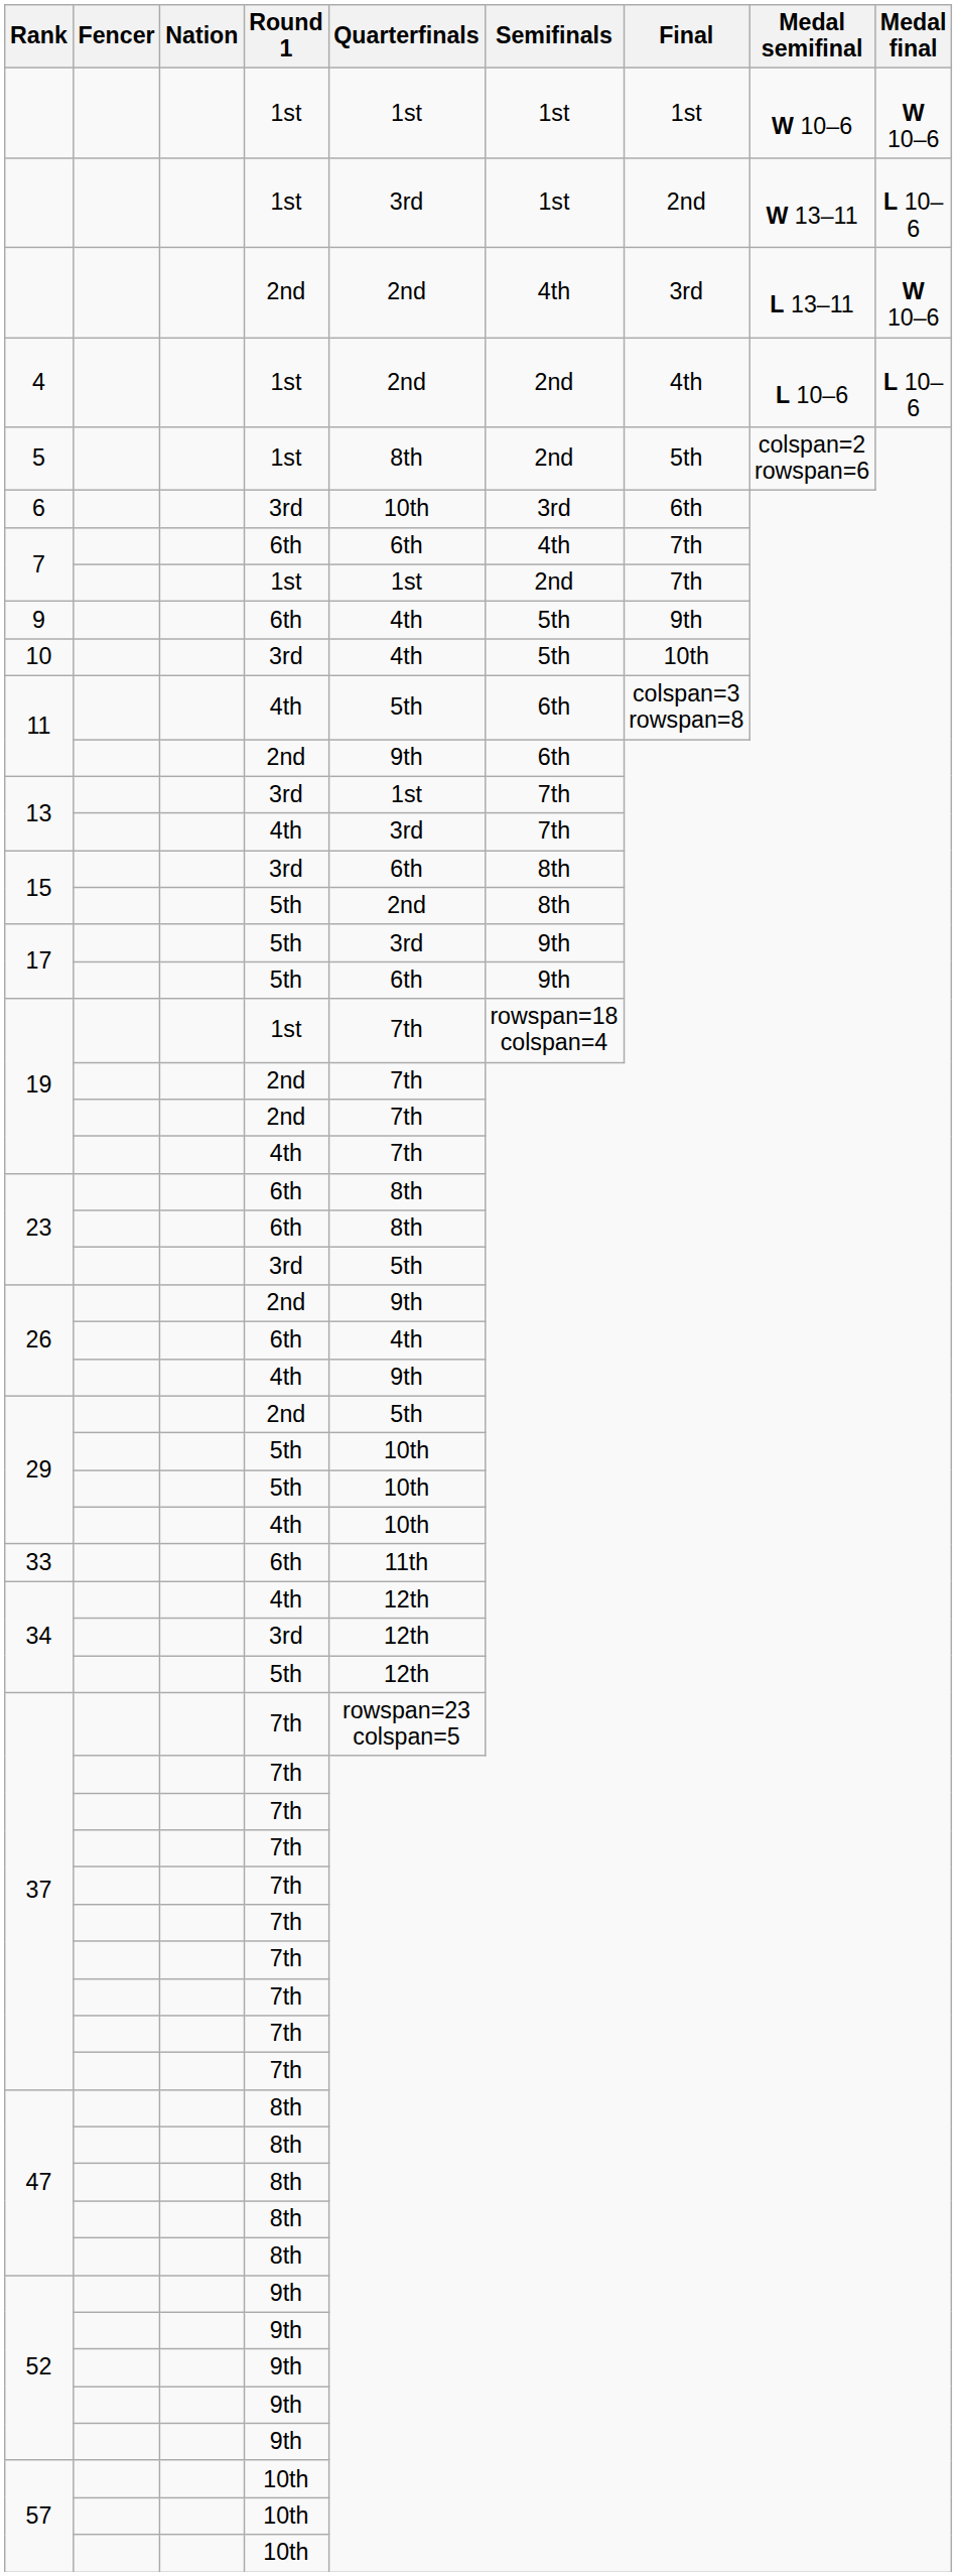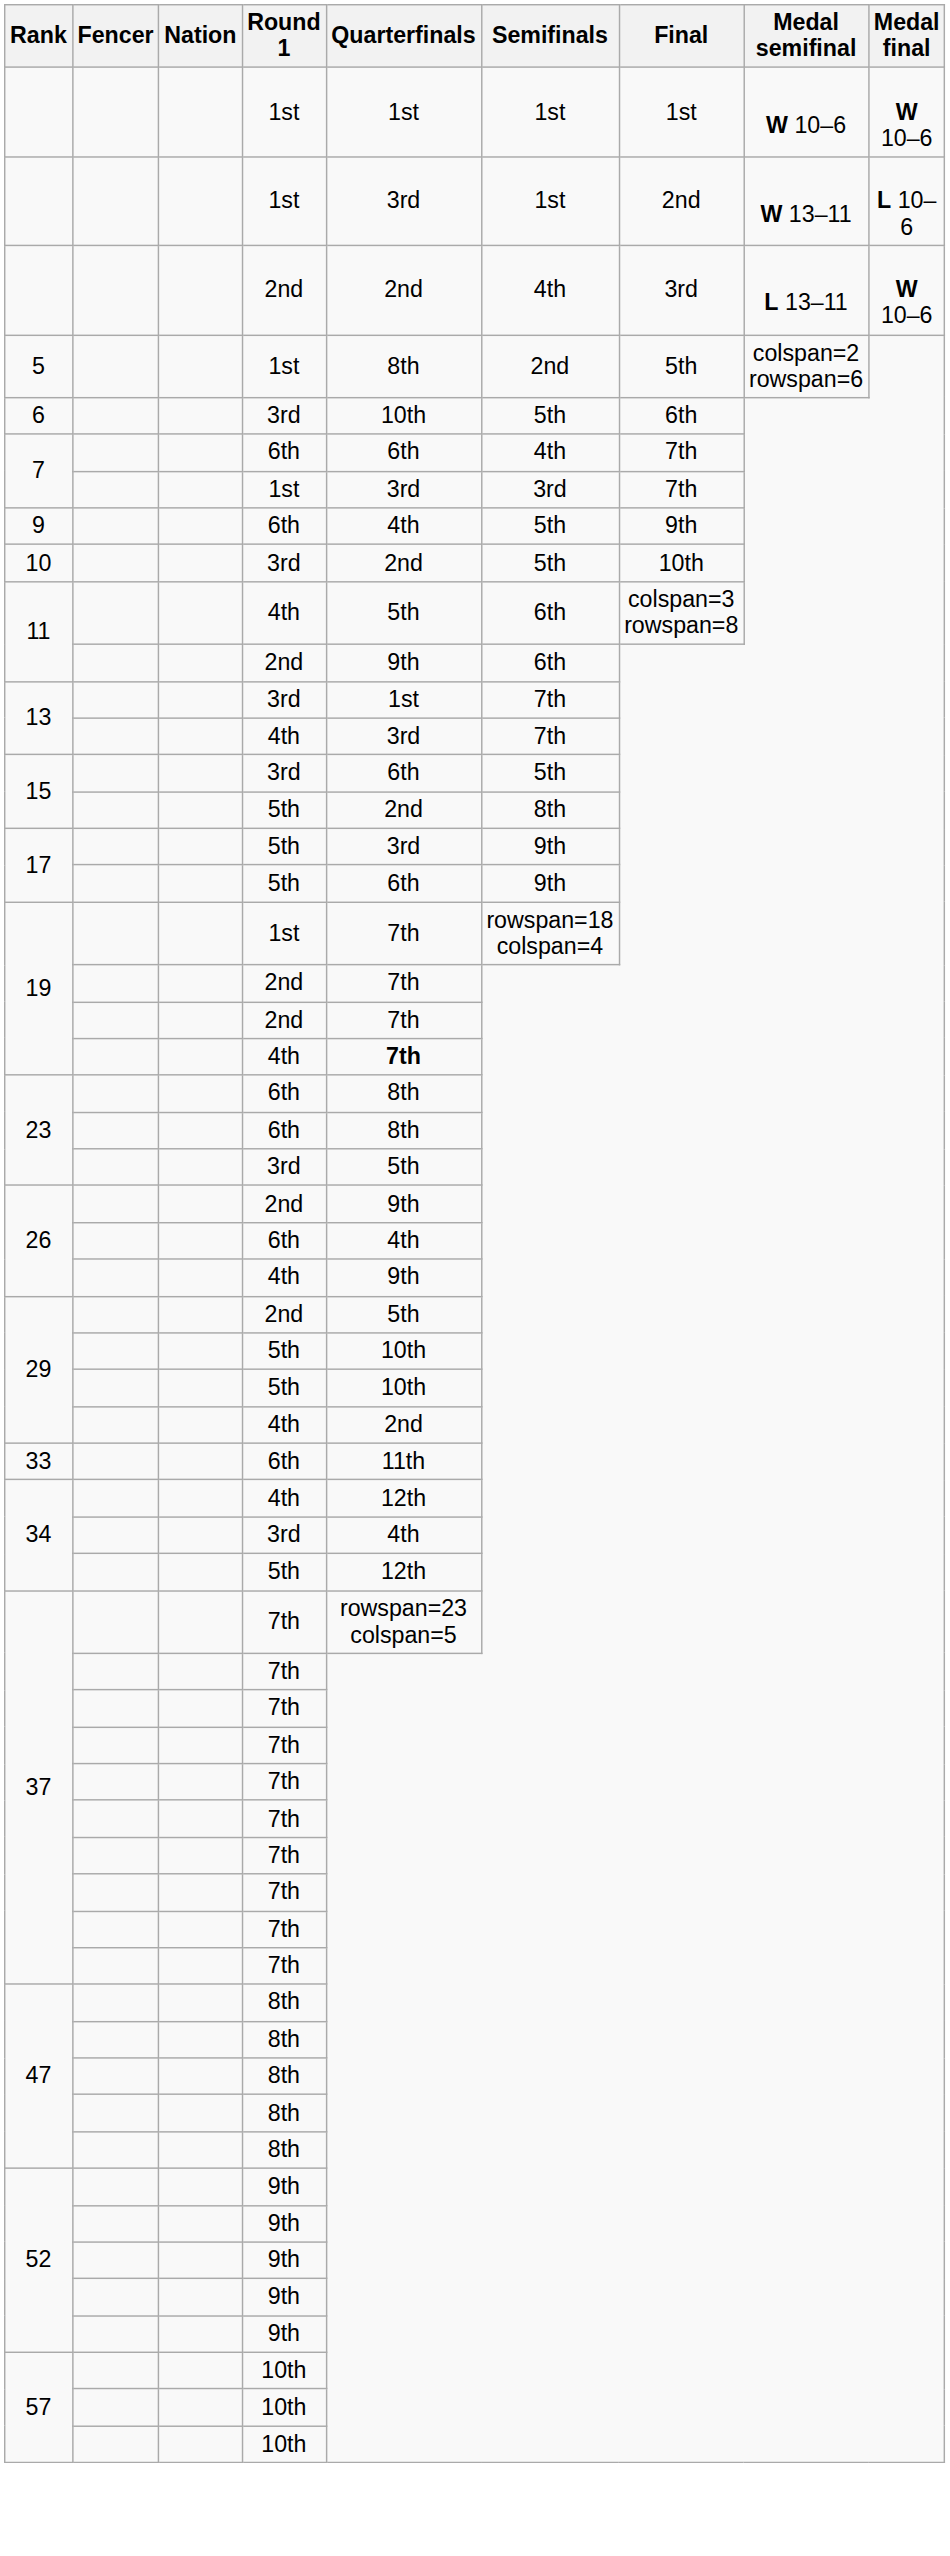 <table class="wikitable sortable" style="text-align:center">
 <tr>
 <th>Rank</th>
 <th>Fencer</th>
 <th>Nation</th>
 <th>Round 1</th>
 <th>Quarterfinals</th>
 <th>Semifinals</th>
 <th>Final</th>
 <th>Medal semifinal</th>
 <th>Medal final</th>
 </tr>
 <tr>
 <td></td>
 <td align=left></td>
 <td align=left></td>
 <td data-sort-value=1>1st</td>
 <td data-sort-value=1>1st</td>
 <td data-sort-value=1>1st</td>
 <td data-sort-value=1>1st</td>
 <td><br><strong>W</strong> 10–6</td>
 <td><br><strong>W</strong> 10–6</td>
 </tr>
 <tr>
 <td></td>
 <td align=left></td>
 <td align=left></td>
 <td data-sort-value=1>1st</td>
 <td data-sort-value=3>3rd</td>
 <td data-sort-value=1>1st</td>
 <td data-sort-value=2>2nd</td>
 <td><br><strong>W</strong> 13–11</td>
 <td><br><strong>L</strong> 10–6</td>
 </tr>
 <tr>
 <td></td>
 <td align=left></td>
 <td align=left></td>
 <td data-sort-value=2>2nd</td>
 <td data-sort-value=2>2nd</td>
 <td data-sort-value=4>4th</td>
 <td data-sort-value=3>3rd</td>
 <td><br><strong>L</strong> 13–11</td>
 <td><br><strong>W</strong> 10–6</td>
 </tr>
 <tr>
-<td>4</td>
-<td align=left></td>
-<td align=left></td>
-<td data-sort-value=1>1st</td>
-<td data-sort-value=2>2nd</td>
-<td data-sort-value=2>2nd</td>
-<td data-sort-value=4>4th</td>
-<td><br><strong>L</strong> 10–6</td>
-<td><br><strong>L</strong> 10–6</td>
-</tr>
-<tr>
 <td>5</td>
 <td align=left></td>
 <td align=left></td>
 <td data-sort-value=1>1st</td>
 <td data-sort-value=8>8th</td>
 <td data-sort-value=2>2nd</td>
 <td data-sort-value=5>5th</td>
 <td>colspan=2 rowspan=6 </td>
 </tr>
 <tr>
 <td>6</td>
 <td align=left></td>
 <td align=left></td>
 <td data-sort-value=3>3rd</td>
 <td data-sort-value=10>10th</td>
-<td data-sort-value=3>3rd</td>
+<td data-sort-value=5>5th</td>
 <td data-sort-value=6>6th</td>
 </tr>
 <tr>
 <td rowspan=2>7</td>
 <td align=left></td>
 <td align=left></td>
 <td data-sort-value=6>6th</td>
 <td data-sort-value=6>6th</td>
 <td data-sort-value=4>4th</td>
 <td data-sort-value=7>7th</td>
 </tr>
 <tr>
 <td align=left></td>
 <td align=left></td>
 <td data-sort-value=1>1st</td>
-<td data-sort-value=1>1st</td>
-<td data-sort-value=2>2nd</td>
+<td data-sort-value=3>3rd</td>
+<td data-sort-value=3>3rd</td>
 <td data-sort-value=7>7th</td>
 </tr>
 <tr>
 <td>9</td>
 <td align=left></td>
 <td align=left></td>
 <td data-sort-value=6>6th</td>
 <td data-sort-value=4>4th</td>
 <td data-sort-value=5>5th</td>
 <td data-sort-value=9>9th</td>
 </tr>
 <tr>
 <td>10</td>
 <td align=left></td>
 <td align=left></td>
 <td data-sort-value=3>3rd</td>
-<td data-sort-value=4>4th</td>
+<td data-sort-value=2>2nd</td>
 <td data-sort-value=5>5th</td>
 <td data-sort-value=10>10th</td>
 </tr>
 <tr>
 <td rowspan=2>11</td>
 <td align=left></td>
 <td align=left></td>
 <td data-sort-value=4>4th</td>
 <td data-sort-value=5>5th</td>
 <td data-sort-value=6>6th</td>
 <td>colspan=3 rowspan=8 </td>
 </tr>
 <tr>
 <td align=left></td>
 <td align=left></td>
 <td data-sort-value=2>2nd</td>
 <td data-sort-value=9>9th</td>
 <td data-sort-value=6>6th</td>
 </tr>
 <tr>
 <td rowspan=2>13</td>
 <td align=left></td>
 <td align=left></td>
 <td data-sort-value=3>3rd</td>
 <td data-sort-value=1>1st</td>
 <td data-sort-value=7>7th</td>
 </tr>
 <tr>
 <td align=left></td>
 <td align=left></td>
 <td data-sort-value=4>4th</td>
 <td data-sort-value=3>3rd</td>
 <td data-sort-value=7>7th</td>
 </tr>
 <tr>
 <td rowspan=2>15</td>
 <td align=left></td>
 <td align=left></td>
 <td data-sort-value=3>3rd</td>
 <td data-sort-value=6>6th</td>
-<td data-sort-value=8>8th</td>
+<td data-sort-value=5>5th</td>
 </tr>
 <tr>
 <td align=left></td>
 <td align=left></td>
 <td data-sort-value=5>5th</td>
 <td data-sort-value=2>2nd</td>
 <td data-sort-value=8>8th</td>
 </tr>
 <tr>
 <td rowspan=2>17</td>
 <td align=left></td>
 <td align=left></td>
 <td data-sort-value=5>5th</td>
 <td data-sort-value=3>3rd</td>
 <td data-sort-value=9>9th</td>
 </tr>
 <tr>
 <td align=left></td>
 <td align=left></td>
 <td data-sort-value=5>5th</td>
 <td data-sort-value=6>6th</td>
 <td data-sort-value=9>9th</td>
 </tr>
 <tr>
 <td rowspan=4>19</td>
 <td align=left></td>
 <td align=left></td>
 <td data-sort-value=1>1st</td>
 <td data-sort-value=7>7th</td>
 <td>rowspan=18 colspan=4 </td>
 </tr>
 <tr>
 <td align=left></td>
 <td align=left></td>
 <td data-sort-value=2>2nd</td>
 <td data-sort-value=7>7th</td>
 </tr>
 <tr>
 <td align=left></td>
 <td align=left></td>
 <td data-sort-value=2>2nd</td>
 <td data-sort-value=7>7th</td>
 </tr>
 <tr>
 <td align=left></td>
 <td align=left></td>
 <td data-sort-value=4>4th</td>
-<td data-sort-value=7>7th</td>
+<td data-sort-value=7><strong>7th</strong></td>
 </tr>
 <tr>
 <td rowspan=3>23</td>
 <td align=left></td>
 <td align=left></td>
 <td data-sort-value=6>6th</td>
 <td data-sort-value=8>8th</td>
 </tr>
 <tr>
 <td align=left></td>
 <td align=left></td>
 <td data-sort-value=6>6th</td>
 <td data-sort-value=8>8th</td>
 </tr>
 <tr>
 <td align=left></td>
 <td align=left></td>
 <td data-sort-value=3>3rd</td>
 <td data-sort-value=5>5th</td>
 </tr>
 <tr>
 <td rowspan=3>26</td>
 <td align=left></td>
 <td align=left></td>
 <td data-sort-value=2>2nd</td>
 <td data-sort-value=9>9th</td>
 </tr>
 <tr>
 <td align=left></td>
 <td align=left></td>
 <td data-sort-value=6>6th</td>
 <td data-sort-value=4>4th</td>
 </tr>
 <tr>
 <td align=left></td>
 <td align=left></td>
 <td data-sort-value=4>4th</td>
 <td data-sort-value=9>9th</td>
 </tr>
 <tr>
 <td rowspan=4>29</td>
 <td align=left></td>
 <td align=left></td>
 <td data-sort-value=2>2nd</td>
 <td data-sort-value=5>5th</td>
 </tr>
 <tr>
 <td align=left></td>
 <td align=left></td>
 <td data-sort-value=5>5th</td>
 <td data-sort-value=10>10th</td>
 </tr>
 <tr>
 <td align=left></td>
 <td align=left></td>
 <td data-sort-value=5>5th</td>
 <td data-sort-value=10>10th</td>
 </tr>
 <tr>
 <td align=left></td>
 <td align=left></td>
 <td data-sort-value=4>4th</td>
-<td data-sort-value=10>10th</td>
+<td data-sort-value=2>2nd</td>
 </tr>
 <tr>
 <td>33</td>
 <td align=left></td>
 <td align=left></td>
 <td data-sort-value=6>6th</td>
 <td data-sort-value=11>11th</td>
 </tr>
 <tr>
 <td rowspan=3>34</td>
 <td align=left></td>
 <td align=left></td>
 <td data-sort-value=4>4th</td>
 <td data-sort-value=12>12th</td>
 </tr>
 <tr>
 <td align=left></td>
 <td align=left></td>
 <td data-sort-value=3>3rd</td>
-<td data-sort-value=12>12th</td>
+<td data-sort-value=4>4th</td>
 </tr>
 <tr>
 <td align=left></td>
 <td align=left></td>
 <td data-sort-value=5>5th</td>
 <td data-sort-value=12>12th</td>
 </tr>
 <tr>
 <td rowspan=10>37</td>
 <td align=left></td>
 <td align=left></td>
 <td data-sort-value=7>7th</td>
 <td>rowspan=23 colspan=5 </td>
 </tr>
 <tr>
 <td align=left></td>
 <td align=left></td>
 <td data-sort-value=7>7th</td>
 </tr>
 <tr>
 <td align=left></td>
 <td align=left></td>
 <td data-sort-value=7>7th</td>
 </tr>
 <tr>
 <td align=left></td>
 <td align=left></td>
 <td data-sort-value=7>7th</td>
 </tr>
 <tr>
 <td align=left></td>
 <td align=left></td>
 <td data-sort-value=7>7th</td>
 </tr>
 <tr>
 <td align=left></td>
 <td align=left></td>
 <td data-sort-value=7>7th</td>
 </tr>
 <tr>
 <td align=left></td>
 <td align=left></td>
 <td data-sort-value=7>7th</td>
 </tr>
 <tr>
 <td align=left></td>
 <td align=left></td>
 <td data-sort-value=7>7th</td>
 </tr>
 <tr>
 <td align=left></td>
 <td align=left></td>
 <td data-sort-value=7>7th</td>
 </tr>
 <tr>
 <td align=left></td>
 <td align=left></td>
 <td data-sort-value=7>7th</td>
 </tr>
 <tr>
 <td rowspan=5>47</td>
 <td align=left></td>
 <td align=left></td>
 <td data-sort-value=8>8th</td>
 </tr>
 <tr>
 <td align=left></td>
 <td align=left></td>
 <td data-sort-value=8>8th</td>
 </tr>
 <tr>
 <td align=left></td>
 <td align=left></td>
 <td data-sort-value=8>8th</td>
 </tr>
 <tr>
 <td align=left></td>
 <td align=left></td>
 <td data-sort-value=8>8th</td>
 </tr>
 <tr>
 <td align=left></td>
 <td align=left></td>
 <td data-sort-value=8>8th</td>
 </tr>
 <tr>
 <td rowspan=5>52</td>
 <td align=left></td>
 <td align=left></td>
 <td data-sort-value=9>9th</td>
 </tr>
 <tr>
 <td align=left></td>
 <td align=left></td>
 <td data-sort-value=9>9th</td>
 </tr>
 <tr>
 <td align=left></td>
 <td align=left></td>
 <td data-sort-value=9>9th</td>
 </tr>
 <tr>
 <td align=left></td>
 <td align=left></td>
 <td data-sort-value=9>9th</td>
 </tr>
 <tr>
 <td align=left></td>
 <td align=left></td>
 <td data-sort-value=9>9th</td>
 </tr>
 <tr>
 <td rowspan=3>57</td>
 <td align=left></td>
 <td align=left></td>
 <td data-sort-value=10>10th</td>
 </tr>
 <tr>
 <td align=left></td>
 <td align=left></td>
 <td data-sort-value=10>10th</td>
 </tr>
 <tr>
 <td align=left></td>
 <td align=left></td>
 <td data-sort-value=10>10th</td>
 </tr>
 </table>
